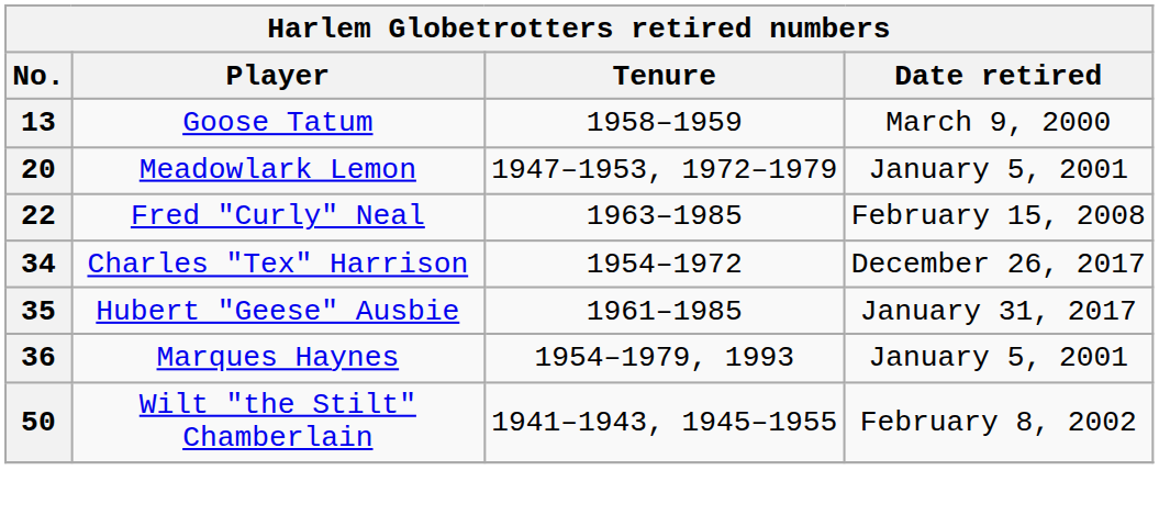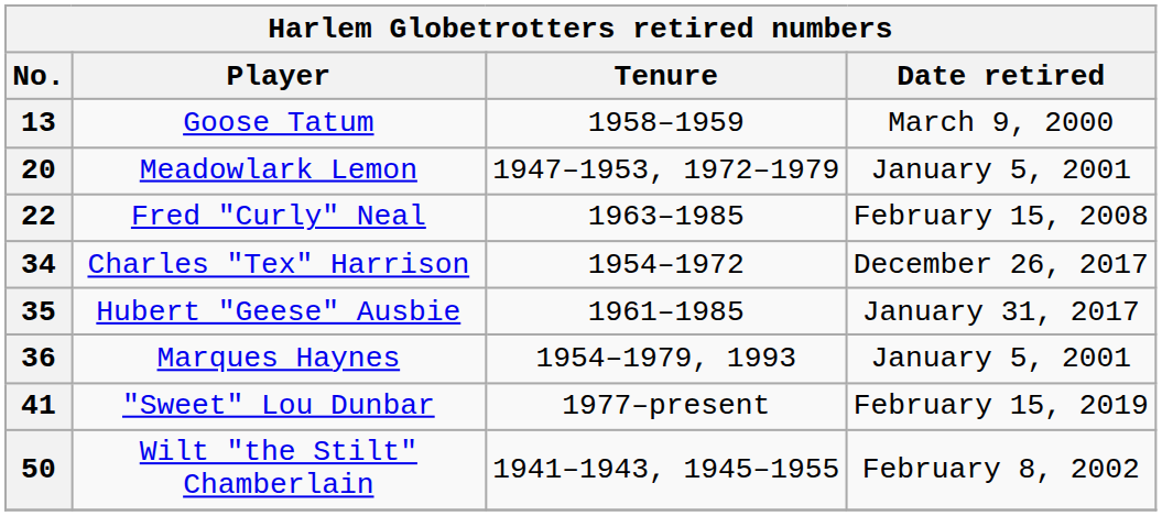 <table class="wikitable sortable mw-collapsible" style="text-align:center">
 <tr>
 <th colspan="4">Harlem Globetrotters retired numbers</th>
 </tr>
 <tr>
 <th>No.</th>
 <th style="width:180px; ">Player</th>
 <th>Tenure</th>
 <th>Date retired</th>
 </tr>
 <tr>
 <th>13</th>
 <td><a href='#'>Goose Tatum</a></td>
 <td>1958–1959</td>
 <td>March 9, 2000</td>
 </tr>
 <tr>
 <th>20</th>
 <td><a href='#'>Meadowlark Lemon</a></td>
 <td>1947–1953, 1972–1979</td>
 <td>January 5, 2001</td>
 </tr>
 <tr>
 <th>22</th>
 <td><a href='#'>Fred "Curly" Neal</a></td>
 <td>1963–1985</td>
 <td>February 15, 2008</td>
 </tr>
 <tr>
 <th>34</th>
 <td><a href='#'>Charles "Tex" Harrison</a></td>
 <td>1954–1972</td>
 <td>December 26, 2017</td>
 </tr>
 <tr>
 <th>35</th>
 <td><a href='#'>Hubert "Geese" Ausbie</a></td>
 <td>1961–1985</td>
 <td>January 31, 2017</td>
 </tr>
 <tr>
 <th>36</th>
 <td><a href='#'>Marques Haynes</a></td>
 <td>1954–1979, 1993</td>
 <td>January 5, 2001</td>
 </tr>
 <tr>
+<th>41</th>
+<td><a href='#'>"Sweet" Lou Dunbar</a></td>
+<td>1977–present</td>
+<td>February 15, 2019</td>
+</tr>
+<tr>
 <th>50</th>
 <td><a href='#'>Wilt "the Stilt" Chamberlain</a></td>
 <td>1941–1943, 1945–1955</td>
 <td>February 8, 2002</td>
 </tr>
 <tr>
 </tr>
 </table>
